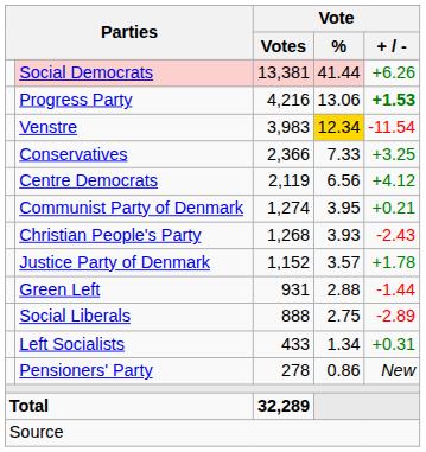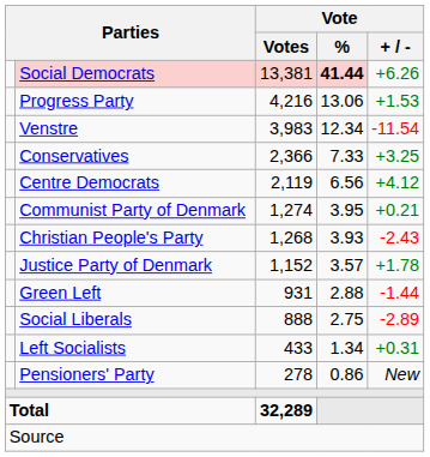 <table class="wikitable" style="text-align:right;">
 <tr>
 <th style="text-align:centre;" rowspan="2" colspan="2" width="225">Parties</th>
 <th colspan="3">Vote</th>
 </tr>
 <tr>
 <th width="15">Votes</th>
 <th width="15">%</th>
 <th width="15">+ / -</th>
 </tr>
 <tr>
 <td width="2" style="color:inherit;background:"></td>
 <td bgcolor=#fbd0ce  align="left"><a href='#'>Social Democrats</a></td>
 <td bgcolor=#fbd0ce>13,381</td>
-<td bgcolor=#fbd0ce>41.44</td>
+<td bgcolor=#fbd0ce><strong>41.44</strong></td>
 <td style=color:green;>+6.26</td>
 </tr>
 <tr>
 <td width="2" style="color:inherit;background:"></td>
 <td align="left"><a href='#'>Progress Party</a></td>
 <td>4,216</td>
 <td>13.06</td>
-<td style=color:green;><strong>+1.53</strong></td>
+<td style=color:green;>+1.53</td>
 </tr>
 <tr>
 <td width="2" style="color:inherit;background:"></td>
 <td align="left"><a href='#'>Venstre</a></td>
 <td>3,983</td>
-<td style="background: gold;">12.34</td>
+<td>12.34</td>
 <td style=color:red;>-11.54</td>
 </tr>
 <tr>
 <td width="2" style="color:inherit;background:"></td>
 <td align="left"><a href='#'>Conservatives</a></td>
 <td>2,366</td>
 <td>7.33</td>
 <td style=color:green;>+3.25</td>
 </tr>
 <tr>
 <td width="2" style="color:inherit;background:"></td>
 <td align="left"><a href='#'>Centre Democrats</a></td>
 <td>2,119</td>
 <td>6.56</td>
 <td style=color:green;>+4.12</td>
 </tr>
 <tr>
 <td width="2" style="color:inherit;background:"></td>
 <td align="left"><a href='#'>Communist Party of Denmark</a></td>
 <td>1,274</td>
 <td>3.95</td>
 <td style=color:green;>+0.21</td>
 </tr>
 <tr>
 <td width="2" style="color:inherit;background:"></td>
 <td align="left"><a href='#'>Christian People's Party</a></td>
 <td>1,268</td>
 <td>3.93</td>
 <td style=color:red;>-2.43</td>
 </tr>
 <tr>
 <td width="2" style="color:inherit;background:"></td>
 <td align="left"><a href='#'>Justice Party of Denmark</a></td>
 <td>1,152</td>
 <td>3.57</td>
 <td style=color:green;>+1.78</td>
 </tr>
 <tr>
 <td width="2" style="color:inherit;background:"></td>
 <td align="left"><a href='#'>Green Left</a></td>
 <td>931</td>
 <td>2.88</td>
 <td style=color:red;>-1.44</td>
 </tr>
 <tr>
 <td width="2" style="color:inherit;background:"></td>
 <td align="left"><a href='#'>Social Liberals</a></td>
 <td>888</td>
 <td>2.75</td>
 <td style=color:red;>-2.89</td>
 </tr>
 <tr>
 <td width="2" style="color:inherit;background:"></td>
 <td align="left"><a href='#'>Left Socialists</a></td>
 <td>433</td>
 <td>1.34</td>
 <td style=color:green;>+0.31</td>
 </tr>
 <tr>
 <td width="2" style="color:inherit;background:"></td>
 <td align="left"><a href='#'>Pensioners' Party</a></td>
 <td>278</td>
 <td>0.86</td>
 <td><em>New</em></td>
 </tr>
 <tr>
 <td colspan="7" bgcolor="#E9E9E9"></td>
 </tr>
 <tr>
 <td align="left" colspan="2"><strong>Total</strong></td>
 <td><strong>32,289</strong></td>
 <td bgcolor="#E9E9E9" colspan="2"></td>
 </tr>
 <tr>
 <td align="left" colspan="6">Source</td>
 </tr>
 </table>
